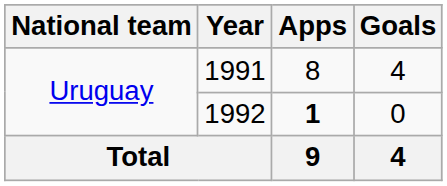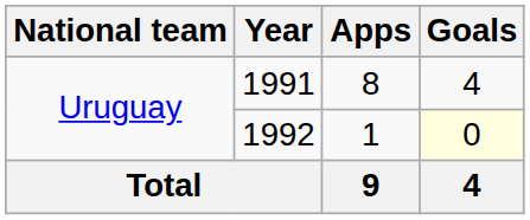 <table class="wikitable" style="text-align:center">
 <tr>
 <th>National team</th>
 <th>Year</th>
 <th>Apps</th>
 <th>Goals</th>
 </tr>
 <tr>
 <td rowspan="2"><a href='#'>Uruguay</a></td>
 <td>1991</td>
 <td>8</td>
 <td>4</td>
 </tr>
 <tr>
 <td>1992</td>
-<td><strong>1</strong></td>
-<td>0</td>
+<td>1</td>
+<td style="background: lightyellow;">0</td>
 </tr>
 <tr>
 <th colspan="2">Total</th>
 <th>9</th>
 <th>4</th>
 </tr>
 </table>
